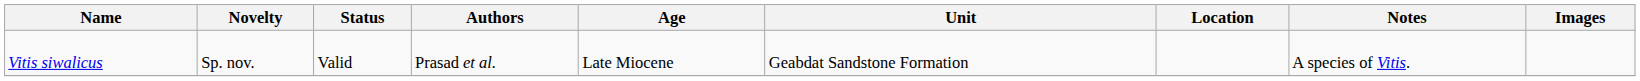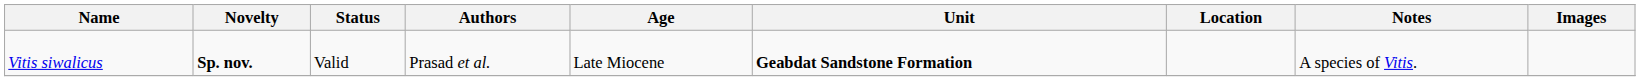 <table class="wikitable sortable" align="center" width="100%">
 <tr>
 <th>Name</th>
 <th>Novelty</th>
 <th>Status</th>
 <th>Authors</th>
 <th>Age</th>
 <th>Unit</th>
 <th>Location</th>
 <th>Notes</th>
 <th>Images</th>
 </tr>
 <tr>
 <td><br><em><a href='#'>Vitis siwalicus</a></em></td>
-<td><br>Sp. nov.</td>
+<td><strong><br>Sp. nov.</strong></td>
 <td><br>Valid</td>
 <td><br>Prasad <em>et al.</em></td>
 <td><br>Late Miocene</td>
-<td><br>Geabdat Sandstone Formation</td>
+<td><strong><br>Geabdat Sandstone Formation</strong></td>
 <td><br></td>
 <td><br>A species of <em><a href='#'>Vitis</a></em>.</td>
 <td></td>
 </tr>
 <tr>
 </tr>
 </table>
